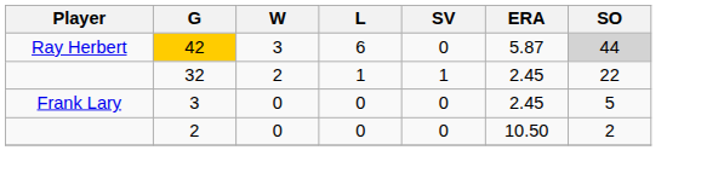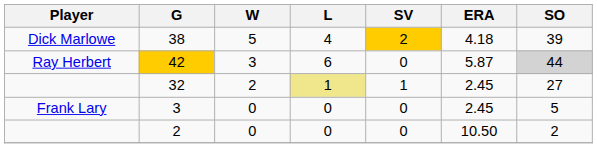 <table class="wikitable sortable">
 <tr>
 <th bgcolor="#DDDDFF" width="16%">Player</th>
 <th bgcolor="#DDDDFF" width="9%">G</th>
 <th bgcolor="#DDDDFF" width="9%">W</th>
 <th bgcolor="#DDDDFF" width="9%">L</th>
 <th bgcolor="#DDDDFF" width="9%">SV</th>
 <th bgcolor="#DDDDFF" width="9%">ERA</th>
 <th bgcolor="#DDDDFF" width="9%">SO</th>
+</tr>
+<tr align="center">
+<td><a href='#'>Dick Marlowe</a></td>
+<td>38</td>
+<td>5</td>
+<td>4</td>
+<td style="background:#fc0;">2</td>
+<td>4.18</td>
+<td>39</td>
 </tr>
 <tr align=center>
 <td><a href='#'>Ray Herbert</a></td>
 <td style="background:#fc0;">42</td>
 <td>3</td>
 <td>6</td>
 <td>0</td>
 <td>5.87</td>
 <td style="background: lightgrey;">44</td>
 </tr>
 <tr align=center>
 <td></td>
 <td>32</td>
 <td>2</td>
-<td>1</td>
+<td style="background: khaki;">1</td>
 <td>1</td>
 <td>2.45</td>
-<td>22</td>
+<td>27</td>
 </tr>
 <tr align="center">
 <td><a href='#'>Frank Lary</a></td>
 <td>3</td>
 <td>0</td>
 <td>0</td>
 <td>0</td>
 <td>2.45</td>
 <td>5</td>
 </tr>
 <tr align=center>
 <td></td>
 <td>2</td>
 <td>0</td>
 <td>0</td>
 <td>0</td>
 <td>10.50</td>
 <td>2</td>
 </tr>
 <tr align="center">
 </tr>
 </table>
